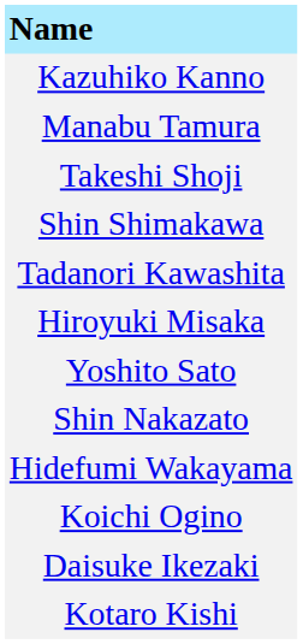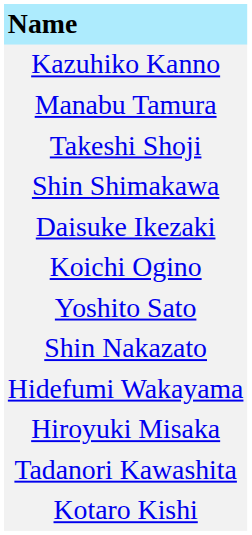 <table border=0 cellpadding=2 cellspacing=0  |- bgcolor=#F2F2F2 style="text-align:center; font-size:90%;">
 <tr bgcolor=#ADEBFD>
 <th align=left>Name</th>
 </tr>
 <tr>
 <td><a href='#'>Kazuhiko Kanno</a></td>
 </tr>
 <tr>
 <td><a href='#'>Manabu Tamura</a></td>
 </tr>
 <tr>
 <td><a href='#'>Takeshi Shoji</a></td>
 </tr>
 <tr>
 <td><a href='#'>Shin Shimakawa</a></td>
 </tr>
 <tr>
-<td><a href='#'>Tadanori Kawashita</a></td>
+<td><a href='#'>Daisuke Ikezaki</a></td>
 </tr>
 <tr>
-<td><a href='#'>Hiroyuki Misaka</a></td>
+<td><a href='#'>Koichi Ogino</a></td>
 </tr>
 <tr>
 <td><a href='#'>Yoshito Sato</a></td>
 </tr>
 <tr>
 <td><a href='#'>Shin Nakazato</a></td>
 </tr>
 <tr>
 <td><a href='#'>Hidefumi Wakayama</a></td>
 </tr>
 <tr>
-<td><a href='#'>Koichi Ogino</a></td>
+<td><a href='#'>Hiroyuki Misaka</a></td>
 </tr>
 <tr>
-<td><a href='#'>Daisuke Ikezaki</a></td>
+<td><a href='#'>Tadanori Kawashita</a></td>
 </tr>
 <tr>
 <td><a href='#'>Kotaro Kishi</a></td>
 </tr>
 </table>
